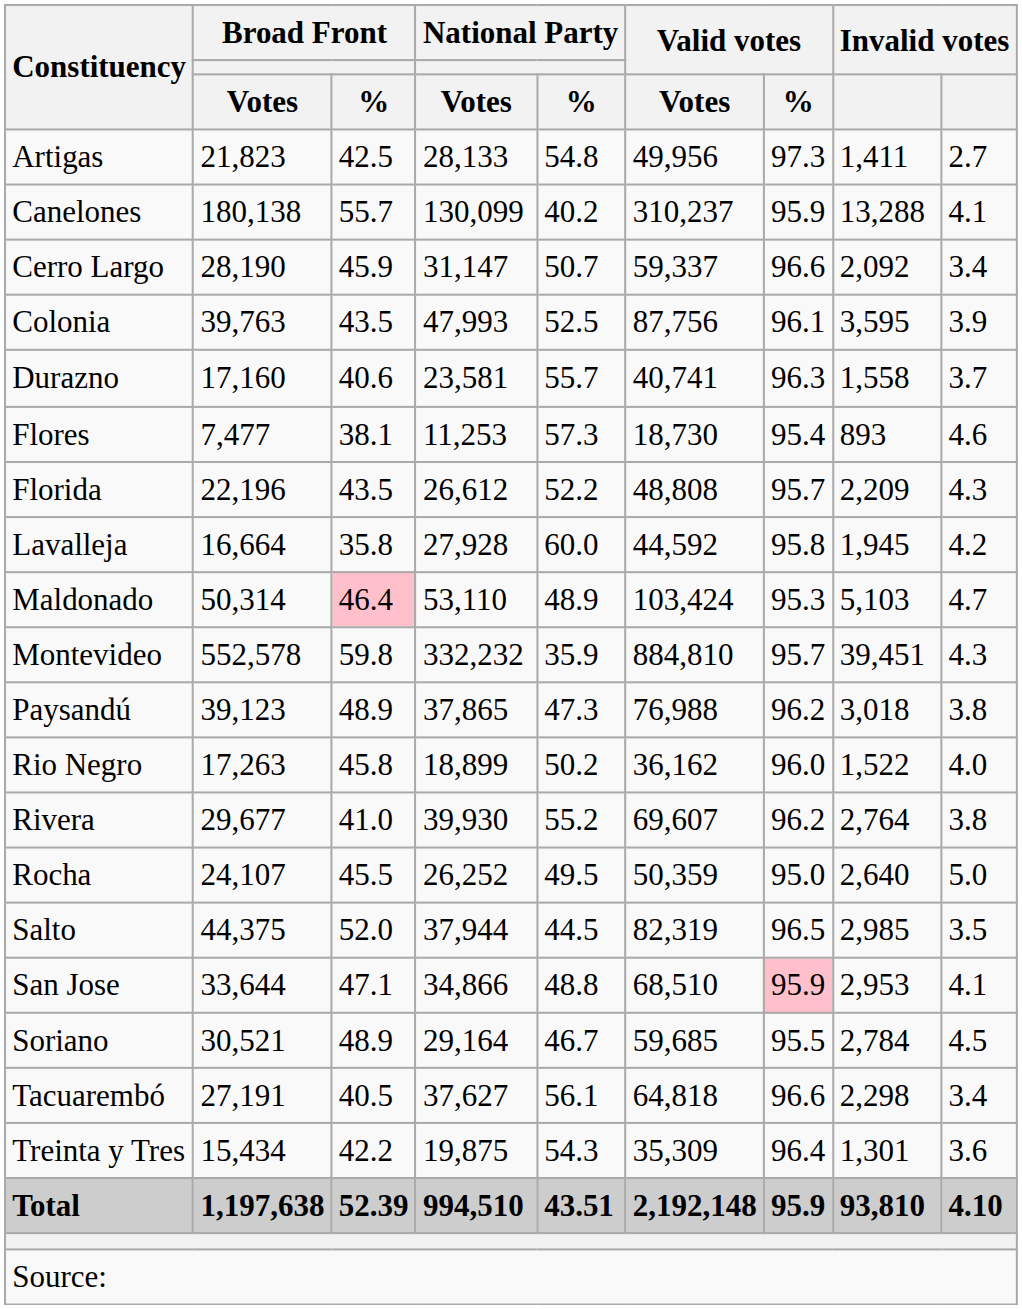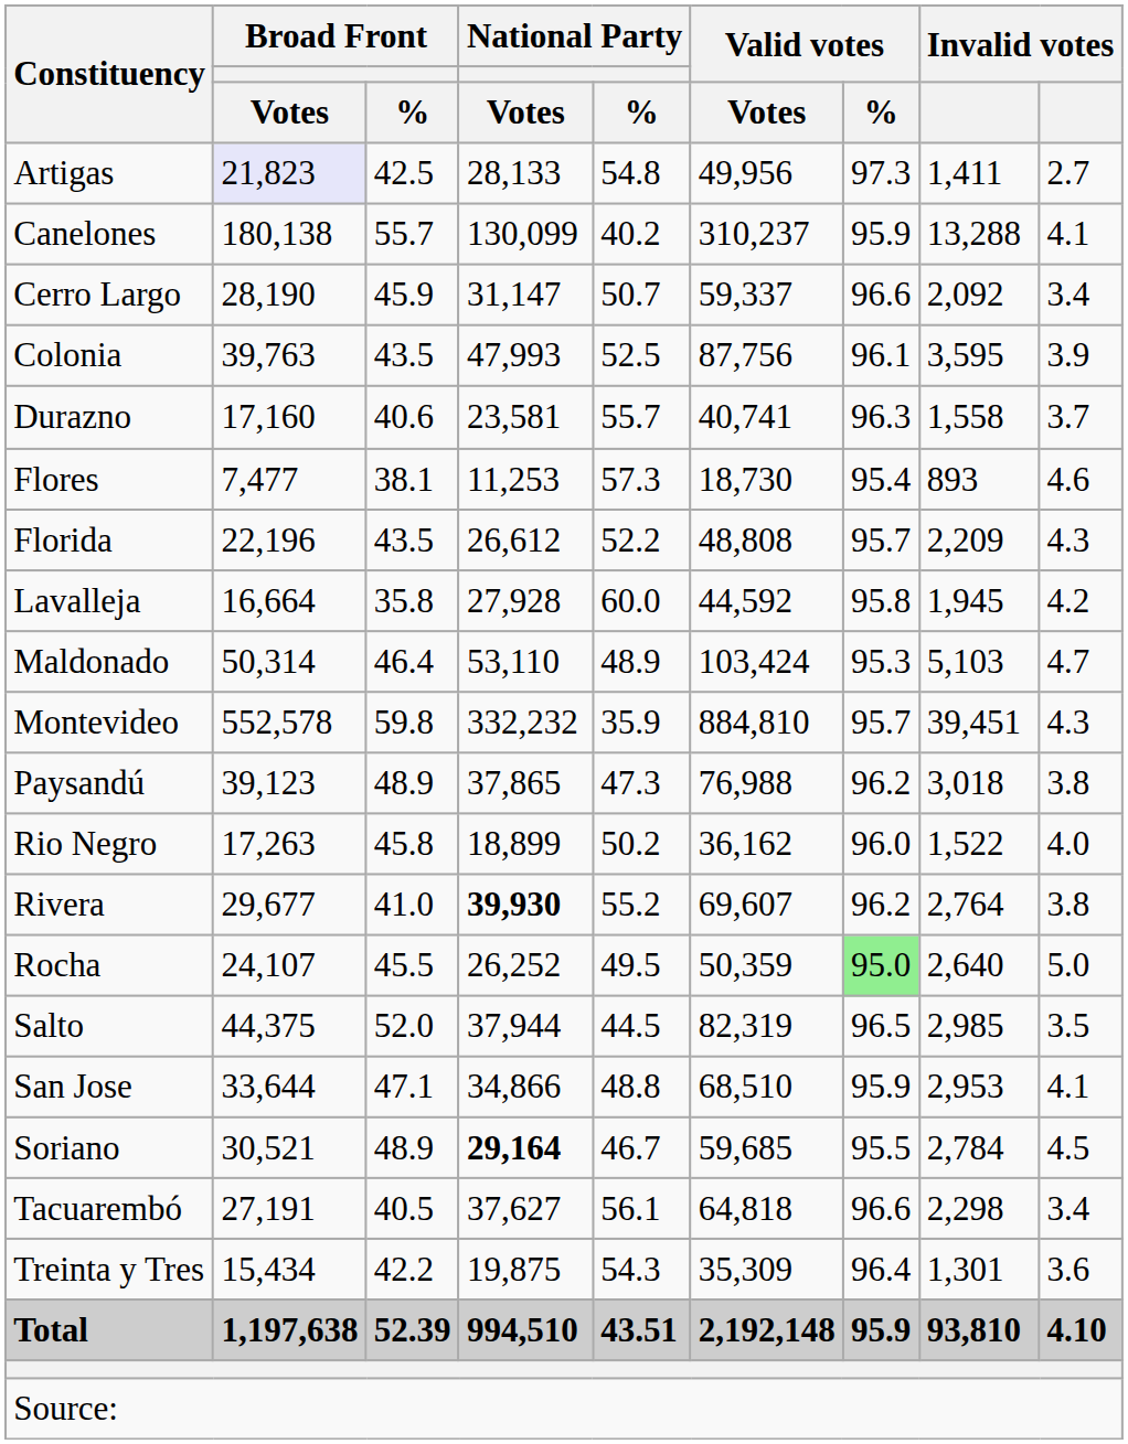 <table class="wikitable sortable collapsible collapsed tpl-blanktable" style="text-align:left; font-size:95%; line-height:20px;">
 <tr>
 <th rowspan="3">Constituency</th>
 <th colspan="2">Broad Front</th>
 <th colspan="2">National Party</th>
 <th colspan="2" rowspan="2">Valid votes</th>
 <th colspan="2" rowspan="2">Invalid votes</th>
 </tr>
 <tr>
 <th colspan="2" style="background:"></th>
 <th colspan="2" style="background:"></th>
 </tr>
 <tr>
 <th>Votes</th>
 <th data-sort-type="number">%</th>
 <th>Votes</th>
 <th data-sort-type="number">%</th>
 <th>Votes</th>
 <th>%</th>
 <th></th>
 <th></th>
 </tr>
 <tr>
 <td align="left">Artigas</td>
-<td>21,823</td>
+<td style="background: lavender;">21,823</td>
 <td>42.5</td>
 <td style="background:">28,133</td>
 <td style="background:">54.8</td>
 <td>49,956</td>
 <td>97.3</td>
 <td>1,411</td>
 <td>2.7</td>
 </tr>
 <tr>
 <td align="left">Canelones</td>
 <td style="background:">180,138</td>
 <td style="background:">55.7</td>
 <td>130,099</td>
 <td>40.2</td>
 <td>310,237</td>
 <td>95.9</td>
 <td>13,288</td>
 <td>4.1</td>
 </tr>
 <tr>
 <td align="left">Cerro Largo</td>
 <td>28,190</td>
 <td>45.9</td>
 <td style="background:">31,147</td>
 <td style="background:">50.7</td>
 <td>59,337</td>
 <td>96.6</td>
 <td>2,092</td>
 <td>3.4</td>
 </tr>
 <tr>
 <td align="left">Colonia</td>
 <td>39,763</td>
 <td>43.5</td>
 <td style="background:">47,993</td>
 <td style="background:">52.5</td>
 <td>87,756</td>
 <td>96.1</td>
 <td>3,595</td>
 <td>3.9</td>
 </tr>
 <tr>
 <td align="left">Durazno</td>
 <td>17,160</td>
 <td>40.6</td>
 <td style="background:">23,581</td>
 <td style="background:">55.7</td>
 <td>40,741</td>
 <td>96.3</td>
 <td>1,558</td>
 <td>3.7</td>
 </tr>
 <tr>
 <td align="left">Flores</td>
 <td>7,477</td>
 <td>38.1</td>
 <td style="background:">11,253</td>
 <td style="background:">57.3</td>
 <td>18,730</td>
 <td>95.4</td>
 <td>893</td>
 <td>4.6</td>
 </tr>
 <tr>
 <td align="left">Florida</td>
 <td>22,196</td>
 <td>43.5</td>
 <td style="background:">26,612</td>
 <td style="background:">52.2</td>
 <td>48,808</td>
 <td>95.7</td>
 <td>2,209</td>
 <td>4.3</td>
 </tr>
 <tr>
 <td align="left">Lavalleja</td>
 <td>16,664</td>
 <td>35.8</td>
 <td style="background:">27,928</td>
 <td style="background:">60.0</td>
 <td>44,592</td>
 <td>95.8</td>
 <td>1,945</td>
 <td>4.2</td>
 </tr>
 <tr>
 <td align="left">Maldonado</td>
 <td>50,314</td>
-<td style="background: pink;">46.4</td>
+<td>46.4</td>
 <td style="background:">53,110</td>
 <td style="background:">48.9</td>
 <td>103,424</td>
 <td>95.3</td>
 <td>5,103</td>
 <td>4.7</td>
 </tr>
 <tr>
 <td align="left">Montevideo</td>
 <td style="background:">552,578</td>
 <td style="background:">59.8</td>
 <td>332,232</td>
 <td>35.9</td>
 <td>884,810</td>
 <td>95.7</td>
 <td>39,451</td>
 <td>4.3</td>
 </tr>
 <tr>
 <td align="left">Paysandú</td>
 <td style="background:">39,123</td>
 <td style="background:">48.9</td>
 <td>37,865</td>
 <td>47.3</td>
 <td>76,988</td>
 <td>96.2</td>
 <td>3,018</td>
 <td>3.8</td>
 </tr>
 <tr>
 <td align="left">Rio Negro</td>
 <td>17,263</td>
 <td>45.8</td>
 <td style="background:">18,899</td>
 <td style="background:">50.2</td>
 <td>36,162</td>
 <td>96.0</td>
 <td>1,522</td>
 <td>4.0</td>
 </tr>
 <tr>
 <td align="left">Rivera</td>
 <td>29,677</td>
 <td>41.0</td>
-<td style="background:">39,930</td>
+<td style="background:"><strong>39,930</strong></td>
 <td style="background:">55.2</td>
 <td>69,607</td>
 <td>96.2</td>
 <td>2,764</td>
 <td>3.8</td>
 </tr>
 <tr>
 <td align="left">Rocha</td>
 <td>24,107</td>
 <td>45.5</td>
 <td style="background:">26,252</td>
 <td style="background:">49.5</td>
 <td>50,359</td>
-<td>95.0</td>
+<td style="background: lightgreen;">95.0</td>
 <td>2,640</td>
 <td>5.0</td>
 </tr>
 <tr>
 <td align="left">Salto</td>
 <td style="background:">44,375</td>
 <td style="background:">52.0</td>
 <td>37,944</td>
 <td>44.5</td>
 <td>82,319</td>
 <td>96.5</td>
 <td>2,985</td>
 <td>3.5</td>
 </tr>
 <tr>
 <td align="left">San Jose</td>
 <td>33,644</td>
 <td>47.1</td>
 <td style="background:">34,866</td>
 <td style="background:">48.8</td>
 <td>68,510</td>
-<td style="background: pink;">95.9</td>
+<td>95.9</td>
 <td>2,953</td>
 <td>4.1</td>
 </tr>
 <tr>
 <td align="left">Soriano</td>
 <td style="background:">30,521</td>
 <td style="background:">48.9</td>
-<td>29,164</td>
+<td><strong>29,164</strong></td>
 <td>46.7</td>
 <td>59,685</td>
 <td>95.5</td>
 <td>2,784</td>
 <td>4.5</td>
 </tr>
 <tr>
 <td align="left">Tacuarembó</td>
 <td>27,191</td>
 <td>40.5</td>
 <td style="background:">37,627</td>
 <td style="background:">56.1</td>
 <td>64,818</td>
 <td>96.6</td>
 <td>2,298</td>
 <td>3.4</td>
 </tr>
 <tr>
 <td align="left">Treinta y Tres</td>
 <td>15,434</td>
 <td>42.2</td>
 <td style="background:">19,875</td>
 <td style="background:">54.3</td>
 <td>35,309</td>
 <td>96.4</td>
 <td>1,301</td>
 <td>3.6</td>
 </tr>
 <tr style="background:#CDCDCD;">
 <td align="left"><strong>Total</strong></td>
 <td style="background:"><strong>1,197,638</strong></td>
 <td style="background:"><strong>52.39</strong></td>
 <td><strong>994,510</strong></td>
 <td><strong>43.51</strong></td>
 <td><strong>2,192,148</strong></td>
 <td><strong>95.9</strong></td>
 <td><strong>93,810</strong></td>
 <td><strong>4.10</strong></td>
 </tr>
 <tr>
 <th colspan="9"></th>
 </tr>
 <tr>
 <th colspan="9" style="text-align:left; font-weight:normal; background:#F9F9F9">Source: </th>
 </tr>
 </table>
